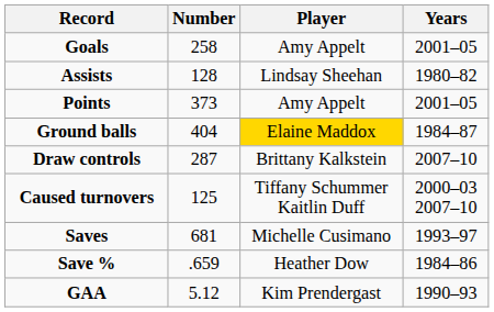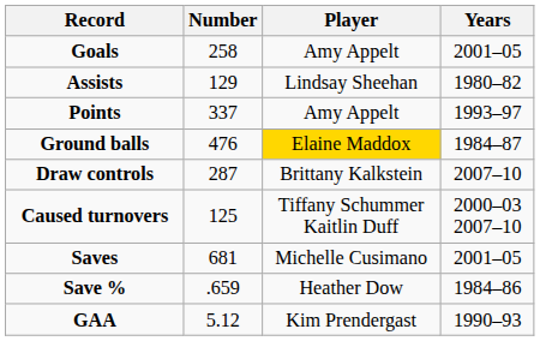 <table class="wikitable">
 <tr>
 <th style="width:140px; ">Record</th>
 <th style="width:35px; ">Number</th>
 <th style="width:140px; ">Player</th>
 <th style="width:70px; ">Years</th>
 </tr>
 <tr style="text-align:center;">
 <td><strong>Goals</strong></td>
 <td>258</td>
 <td>Amy Appelt</td>
 <td>2001–05</td>
 </tr>
 <tr style="text-align:center;">
 <td><strong>Assists</strong></td>
-<td>128</td>
+<td>129</td>
 <td>Lindsay Sheehan</td>
 <td>1980–82</td>
 </tr>
 <tr style="text-align:center;">
 <td><strong>Points</strong></td>
-<td>373</td>
+<td>337</td>
 <td>Amy Appelt</td>
-<td>2001–05</td>
+<td>1993–97</td>
 </tr>
 <tr style="text-align:center;">
 <td><strong>Ground balls</strong></td>
-<td>404</td>
+<td>476</td>
 <td style="background: gold;">Elaine Maddox</td>
 <td>1984–87</td>
 </tr>
 <tr style="text-align:center;">
 <td><strong>Draw controls</strong></td>
 <td>287</td>
 <td>Brittany Kalkstein</td>
 <td>2007–10</td>
 </tr>
 <tr style="text-align:center;">
 <td><strong>Caused turnovers</strong></td>
 <td>125</td>
 <td>Tiffany Schummer<br>Kaitlin Duff</td>
 <td>2000–03<br>2007–10</td>
 </tr>
 <tr style="text-align:center;">
 <td><strong>Saves</strong></td>
 <td>681</td>
 <td>Michelle Cusimano</td>
-<td>1993–97</td>
+<td>2001–05</td>
 </tr>
 <tr style="text-align:center;">
 <td><strong>Save %</strong></td>
 <td>.659</td>
 <td>Heather Dow</td>
 <td>1984–86</td>
 </tr>
 <tr style="text-align:center;">
 <td><strong>GAA</strong></td>
 <td>5.12</td>
 <td>Kim Prendergast</td>
 <td>1990–93</td>
 </tr>
 </table>
